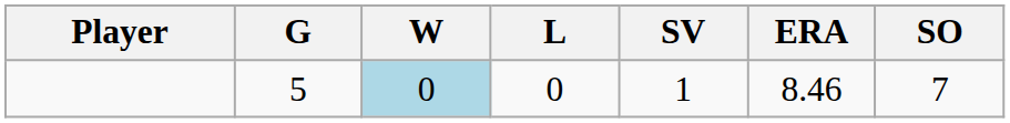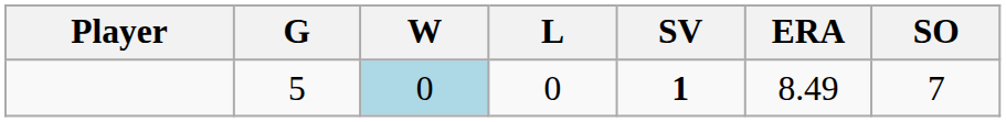 <table class="wikitable sortable">
 <tr>
 <th bgcolor="#DDDDFF" width="16%">Player</th>
 <th bgcolor="#DDDDFF" width="9%">G</th>
 <th bgcolor="#DDDDFF" width="9%">W</th>
 <th bgcolor="#DDDDFF" width="9%">L</th>
 <th bgcolor="#DDDDFF" width="9%">SV</th>
 <th bgcolor="#DDDDFF" width="9%">ERA</th>
 <th bgcolor="#DDDDFF" width="9%">SO</th>
 </tr>
 <tr align="center">
 <td></td>
 <td>5</td>
 <td style="background: lightblue;">0</td>
 <td>0</td>
-<td>1</td>
-<td>8.46</td>
+<td><strong>1</strong></td>
+<td>8.49</td>
 <td>7</td>
 </tr>
 </table>
